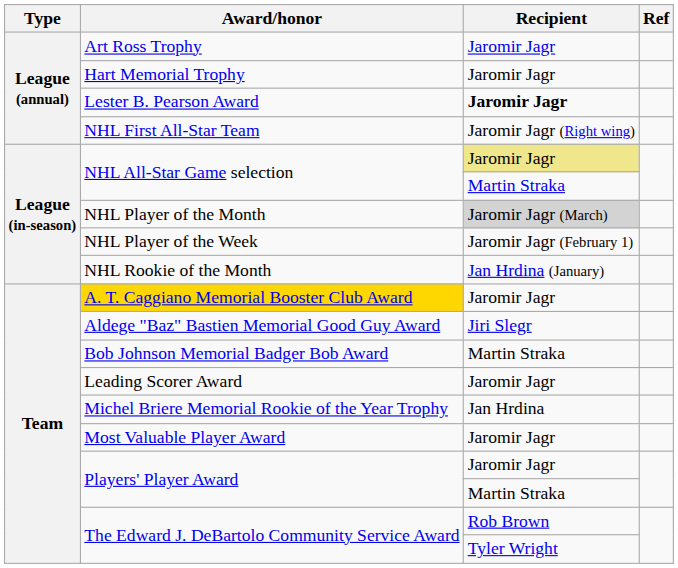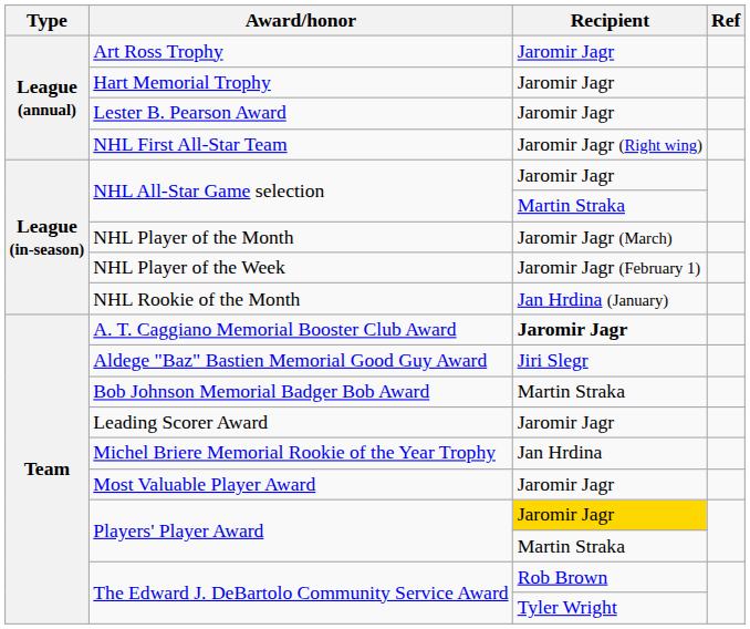 <table class="wikitable">
 <tr>
 <th scope="col">Type</th>
 <th scope="col">Award/honor</th>
 <th scope="col">Recipient</th>
 <th scope="col">Ref</th>
 </tr>
 <tr>
 <th scope="row" rowspan="4">League<br><small>(annual)</small></th>
 <td><a href='#'>Art Ross Trophy</a></td>
 <td><a href='#'>Jaromir Jagr</a></td>
 <td></td>
 </tr>
 <tr>
 <td><a href='#'>Hart Memorial Trophy</a></td>
 <td>Jaromir Jagr</td>
 <td></td>
 </tr>
 <tr>
 <td><a href='#'>Lester B. Pearson Award</a></td>
-<td><strong>Jaromir Jagr</strong></td>
+<td>Jaromir Jagr</td>
 <td></td>
 </tr>
 <tr>
 <td><a href='#'>NHL First All-Star Team</a></td>
 <td>Jaromir Jagr <small>(<a href='#'>Right wing</a>)</small></td>
 <td></td>
 </tr>
 <tr>
 <th scope="row" rowspan=5>League<br><small>(in-season)</small></th>
 <td rowspan=2><a href='#'>NHL All-Star Game</a> selection</td>
-<td style="background: khaki;">Jaromir Jagr</td>
+<td>Jaromir Jagr</td>
 <td rowspan=2></td>
 </tr>
 <tr>
 <td><a href='#'>Martin Straka</a></td>
 </tr>
 <tr>
 <td>NHL Player of the Month</td>
-<td style="background: lightgrey;">Jaromir Jagr <small>(March)</small></td>
+<td>Jaromir Jagr <small>(March)</small></td>
 <td></td>
 </tr>
 <tr>
 <td>NHL Player of the Week</td>
 <td>Jaromir Jagr <small>(February 1)</small></td>
 <td></td>
 </tr>
 <tr>
 <td>NHL Rookie of the Month</td>
 <td><a href='#'>Jan Hrdina</a> <small>(January)</small></td>
 <td></td>
 </tr>
 <tr>
 <th scope="row" rowspan="10">Team</th>
-<td style="background: gold;"><a href='#'>A. T. Caggiano Memorial Booster Club Award</a></td>
-<td>Jaromir Jagr</td>
+<td><a href='#'>A. T. Caggiano Memorial Booster Club Award</a></td>
+<td><strong>Jaromir Jagr</strong></td>
 <td></td>
 </tr>
 <tr>
 <td><a href='#'>Aldege "Baz" Bastien Memorial Good Guy Award</a></td>
 <td><a href='#'>Jiri Slegr</a></td>
 <td></td>
 </tr>
 <tr>
 <td><a href='#'>Bob Johnson Memorial Badger Bob Award</a></td>
 <td>Martin Straka</td>
 <td></td>
 </tr>
 <tr>
 <td>Leading Scorer Award</td>
 <td>Jaromir Jagr</td>
 <td></td>
 </tr>
 <tr>
 <td><a href='#'>Michel Briere Memorial Rookie of the Year Trophy</a></td>
 <td>Jan Hrdina</td>
 <td></td>
 </tr>
 <tr>
 <td><a href='#'>Most Valuable Player Award</a></td>
 <td>Jaromir Jagr</td>
 <td></td>
 </tr>
 <tr>
 <td rowspan=2><a href='#'>Players' Player Award</a></td>
-<td>Jaromir Jagr</td>
+<td style="background: gold;">Jaromir Jagr</td>
 <td rowspan=2></td>
 </tr>
 <tr>
 <td>Martin Straka</td>
 </tr>
 <tr>
 <td rowspan=2><a href='#'>The Edward J. DeBartolo Community Service Award</a></td>
 <td><a href='#'>Rob Brown</a></td>
 <td rowspan=2></td>
 </tr>
 <tr>
 <td><a href='#'>Tyler Wright</a></td>
 </tr>
 </table>
